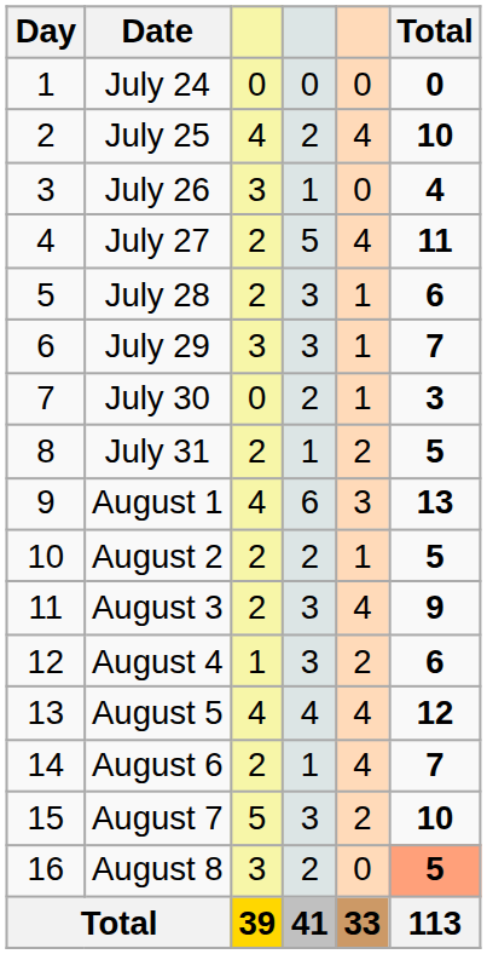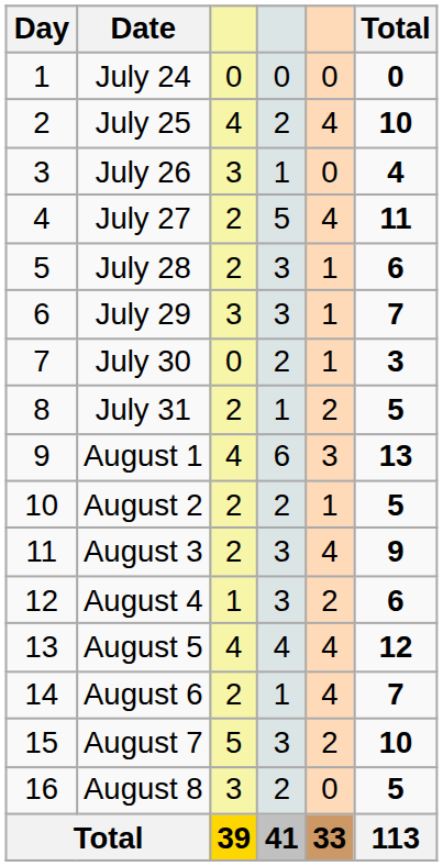 <table class=wikitable style="font-size:85%; float:right; text-align:center">
 <tr>
 <th>Day</th>
 <th>Date</th>
 <td bgcolor=F7F6A8></td>
 <td bgcolor=DCE5E5></td>
 <td bgcolor=FFDAB9></td>
 <th>Total</th>
 </tr>
 <tr>
 <td>1</td>
 <td>July 24</td>
 <td bgcolor=F7F6A8>0</td>
 <td bgcolor=DCE5E5>0</td>
 <td bgcolor=FFDAB9>0</td>
 <td><strong>0</strong></td>
 </tr>
 <tr>
 <td>2</td>
 <td>July 25</td>
 <td bgcolor=F7F6A8>4</td>
 <td bgcolor=DCE5E5>2</td>
 <td bgcolor=FFDAB9>4</td>
 <td><strong>10</strong></td>
 </tr>
 <tr>
 <td>3</td>
 <td>July 26</td>
 <td bgcolor=F7F6A8>3</td>
 <td bgcolor=DCE5E5>1</td>
 <td bgcolor=FFDAB9>0</td>
 <td><strong>4</strong></td>
 </tr>
 <tr>
 <td>4</td>
 <td>July 27</td>
 <td bgcolor=F7F6A8>2</td>
 <td bgcolor=DCE5E5>5</td>
 <td bgcolor=FFDAB9>4</td>
 <td><strong>11</strong></td>
 </tr>
 <tr>
 <td>5</td>
 <td>July 28</td>
 <td bgcolor=F7F6A8>2</td>
 <td bgcolor=DCE5E5>3</td>
 <td bgcolor=FFDAB9>1</td>
 <td><strong>6</strong></td>
 </tr>
 <tr>
 <td>6</td>
 <td>July 29</td>
 <td bgcolor=F7F6A8>3</td>
 <td bgcolor=DCE5E5>3</td>
 <td bgcolor=FFDAB9>1</td>
 <td><strong>7</strong></td>
 </tr>
 <tr>
 <td>7</td>
 <td>July 30</td>
 <td bgcolor=F7F6A8>0</td>
 <td bgcolor=DCE5E5>2</td>
 <td bgcolor=FFDAB9>1</td>
 <td><strong>3</strong></td>
 </tr>
 <tr>
 <td>8</td>
 <td>July 31</td>
 <td bgcolor=F7F6A8>2</td>
 <td bgcolor=DCE5E5>1</td>
 <td bgcolor=FFDAB9>2</td>
 <td><strong>5</strong></td>
 </tr>
 <tr>
 <td>9</td>
 <td>August 1</td>
 <td bgcolor=F7F6A8>4</td>
 <td bgcolor=DCE5E5>6</td>
 <td bgcolor=FFDAB9>3</td>
 <td><strong>13</strong></td>
 </tr>
 <tr>
 <td>10</td>
 <td>August 2</td>
 <td bgcolor=F7F6A8>2</td>
 <td bgcolor=DCE5E5>2</td>
 <td bgcolor=FFDAB9>1</td>
 <td><strong>5</strong></td>
 </tr>
 <tr>
 <td>11</td>
 <td>August 3</td>
 <td bgcolor=F7F6A8>2</td>
 <td bgcolor=DCE5E5>3</td>
 <td bgcolor=FFDAB9>4</td>
 <td><strong>9</strong></td>
 </tr>
 <tr>
 <td>12</td>
 <td>August 4</td>
 <td bgcolor=F7F6A8>1</td>
 <td bgcolor=DCE5E5>3</td>
 <td bgcolor=FFDAB9>2</td>
 <td><strong>6</strong></td>
 </tr>
 <tr>
 <td>13</td>
 <td>August 5</td>
 <td bgcolor=F7F6A8>4</td>
 <td bgcolor=DCE5E5>4</td>
 <td bgcolor=FFDAB9>4</td>
 <td><strong>12</strong></td>
 </tr>
 <tr>
 <td>14</td>
 <td>August 6</td>
 <td bgcolor=F7F6A8>2</td>
 <td bgcolor=DCE5E5>1</td>
 <td bgcolor=FFDAB9>4</td>
 <td><strong>7</strong></td>
 </tr>
 <tr>
 <td>15</td>
 <td>August 7</td>
 <td bgcolor=F7F6A8>5</td>
 <td bgcolor=DCE5E5>3</td>
 <td bgcolor=FFDAB9>2</td>
 <td><strong>10</strong></td>
 </tr>
 <tr>
 <td>16</td>
 <td>August 8</td>
 <td bgcolor=F7F6A8>3</td>
 <td bgcolor=DCE5E5>2</td>
 <td bgcolor=FFDAB9>0</td>
-<td style="background: lightsalmon;"><strong>5</strong></td>
+<td><strong>5</strong></td>
 </tr>
 <tr>
 <th colspan=2>Total</th>
 <th style=background:gold>39</th>
 <th style=background:silver>41</th>
 <th style=background:#c96>33</th>
 <th>113</th>
 </tr>
 </table>
